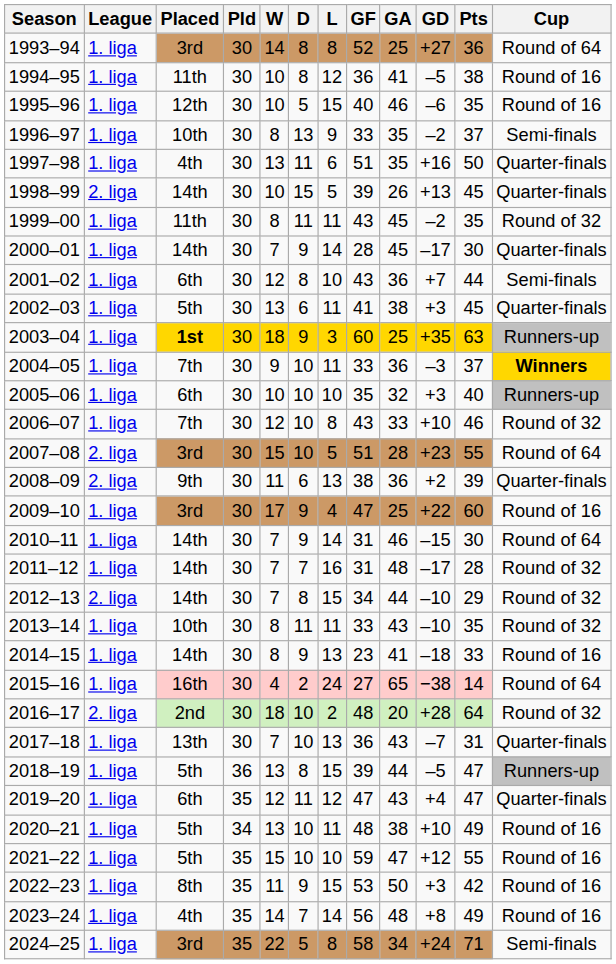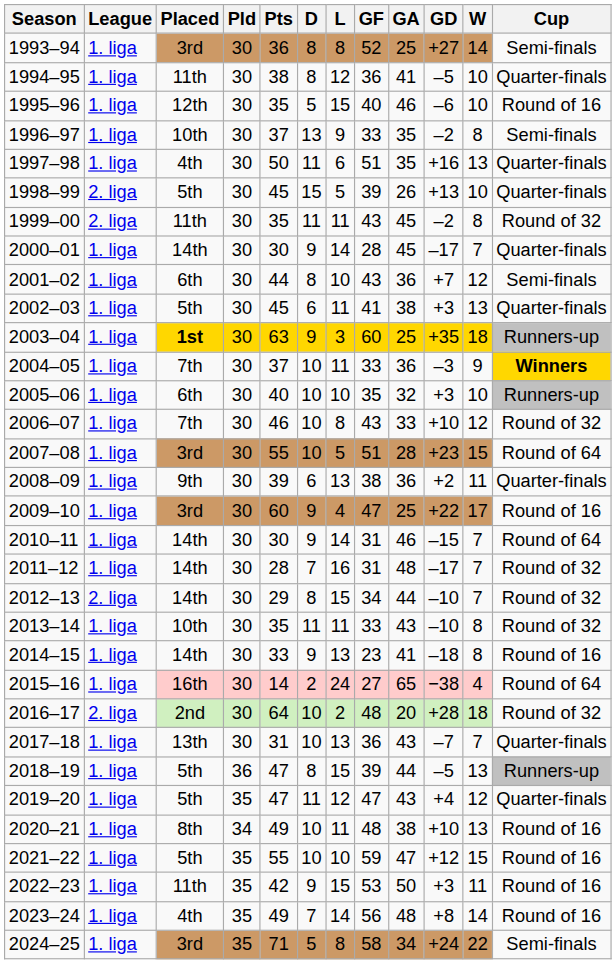 <table class="wikitable sortable">
 <tr>
 <th>Season</th>
 <th>League</th>
 <th>Placed</th>
 <th>Pld</th>
-<th>W</th>
+<th>Pts</th>
 <th>D</th>
 <th>L</th>
 <th>GF</th>
 <th>GA</th>
 <th>GD</th>
-<th>Pts</th>
+<th>W</th>
 <th>Cup</th>
 </tr>
 <tr>
 <td>1993–94</td>
 <td><a href='#'>1. liga</a></td>
 <td style="background:#c96; text-align:center">3rd</td>
 <td style="background:#c96; text-align:center">30</td>
-<td style="background:#c96; text-align:center">14</td>
+<td style="background:#c96; text-align:center">36</td>
 <td style="background:#c96; text-align:center">8</td>
 <td style="background:#c96; text-align:center">8</td>
 <td style="background:#c96; text-align:center">52</td>
 <td style="background:#c96; text-align:center">25</td>
 <td style="background:#c96; text-align:center">+27</td>
-<td style="background:#c96; text-align:center">36</td>
-<td style="text-align:center">Round of 64</td>
+<td style="background:#c96; text-align:center">14</td>
+<td style="text-align:center">Semi-finals</td>
 </tr>
 <tr>
 <td>1994–95</td>
 <td><a href='#'>1. liga</a></td>
 <td style="text-align:center">11th</td>
 <td style="text-align:center">30</td>
-<td style="text-align:center">10</td>
+<td style="text-align:center">38</td>
 <td style="text-align:center">8</td>
 <td style="text-align:center">12</td>
 <td style="text-align:center">36</td>
 <td style="text-align:center">41</td>
 <td style="text-align:center">–5</td>
-<td style="text-align:center">38</td>
-<td style="text-align:center;">Round of 16</td>
+<td style="text-align:center">10</td>
+<td style="text-align:center">Quarter-finals</td>
 </tr>
 <tr>
 <td>1995–96</td>
 <td><a href='#'>1. liga</a></td>
 <td style="text-align:center">12th</td>
 <td style="text-align:center">30</td>
-<td style="text-align:center">10</td>
+<td style="text-align:center">35</td>
 <td style="text-align:center">5</td>
 <td style="text-align:center">15</td>
 <td style="text-align:center">40</td>
 <td style="text-align:center">46</td>
 <td style="text-align:center">–6</td>
-<td style="text-align:center">35</td>
+<td style="text-align:center">10</td>
 <td style="text-align:center">Round of 16</td>
 </tr>
 <tr>
 <td>1996–97</td>
 <td><a href='#'>1. liga</a></td>
 <td style="text-align:center">10th</td>
 <td style="text-align:center">30</td>
-<td style="text-align:center">8</td>
+<td style="text-align:center">37</td>
 <td style="text-align:center">13</td>
 <td style="text-align:center">9</td>
 <td style="text-align:center">33</td>
 <td style="text-align:center">35</td>
 <td style="text-align:center">–2</td>
-<td style="text-align:center">37</td>
+<td style="text-align:center">8</td>
 <td style="text-align:center">Semi-finals</td>
 </tr>
 <tr>
 <td>1997–98</td>
 <td><a href='#'>1. liga</a></td>
 <td style="text-align:center">4th</td>
 <td style="text-align:center">30</td>
-<td style="text-align:center">13</td>
+<td style="text-align:center">50</td>
 <td style="text-align:center">11</td>
 <td style="text-align:center">6</td>
 <td style="text-align:center">51</td>
 <td style="text-align:center">35</td>
 <td style="text-align:center">+16</td>
-<td style="text-align:center">50</td>
+<td style="text-align:center">13</td>
 <td style="text-align:center">Quarter-finals</td>
 </tr>
 <tr>
 <td>1998–99</td>
 <td><a href='#'>2. liga</a></td>
-<td style="text-align:center">14th</td>
+<td style="text-align:center">5th</td>
 <td style="text-align:center">30</td>
-<td style="text-align:center">10</td>
+<td style="text-align:center">45</td>
 <td style="text-align:center">15</td>
 <td style="text-align:center">5</td>
 <td style="text-align:center">39</td>
 <td style="text-align:center">26</td>
 <td style="text-align:center">+13</td>
-<td style="text-align:center">45</td>
+<td style="text-align:center">10</td>
 <td style="text-align:center">Quarter-finals</td>
 </tr>
 <tr>
 <td>1999–00</td>
-<td><a href='#'>1. liga</a></td>
+<td><a href='#'>2. liga</a></td>
 <td style="text-align:center">11th</td>
 <td style="text-align:center">30</td>
-<td style="text-align:center">8</td>
+<td style="text-align:center">35</td>
 <td style="text-align:center">11</td>
 <td style="text-align:center">11</td>
 <td style="text-align:center">43</td>
 <td style="text-align:center">45</td>
 <td style="text-align:center">–2</td>
-<td style="text-align:center">35</td>
+<td style="text-align:center">8</td>
 <td style="text-align:center">Round of 32</td>
 </tr>
 <tr>
 <td>2000–01</td>
 <td><a href='#'>1. liga</a></td>
 <td style="text-align:center">14th</td>
 <td style="text-align:center">30</td>
-<td style="text-align:center">7</td>
+<td style="text-align:center">30</td>
 <td style="text-align:center">9</td>
 <td style="text-align:center">14</td>
 <td style="text-align:center">28</td>
 <td style="text-align:center">45</td>
 <td style="text-align:center">–17</td>
-<td style="text-align:center">30</td>
+<td style="text-align:center">7</td>
 <td style="text-align:center">Quarter-finals</td>
 </tr>
 <tr>
 <td>2001–02</td>
 <td><a href='#'>1. liga</a></td>
 <td style="text-align:center">6th</td>
 <td style="text-align:center">30</td>
-<td style="text-align:center">12</td>
+<td style="text-align:center">44</td>
 <td style="text-align:center">8</td>
 <td style="text-align:center">10</td>
 <td style="text-align:center">43</td>
 <td style="text-align:center">36</td>
 <td style="text-align:center">+7</td>
-<td style="text-align:center">44</td>
+<td style="text-align:center">12</td>
 <td style="text-align:center">Semi-finals</td>
 </tr>
 <tr>
 <td>2002–03</td>
 <td><a href='#'>1. liga</a></td>
 <td style="text-align:center">5th</td>
 <td style="text-align:center">30</td>
-<td style="text-align:center">13</td>
+<td style="text-align:center">45</td>
 <td style="text-align:center">6</td>
 <td style="text-align:center">11</td>
 <td style="text-align:center">41</td>
 <td style="text-align:center">38</td>
 <td style="text-align:center">+3</td>
-<td style="text-align:center">45</td>
+<td style="text-align:center">13</td>
 <td style="text-align:center">Quarter-finals</td>
 </tr>
 <tr>
 <td>2003–04</td>
 <td><a href='#'>1. liga</a></td>
 <td style="background:gold; text-align:center"><strong>1st</strong></td>
 <td style="background:gold; text-align:center">30</td>
-<td style="background:gold; text-align:center">18</td>
+<td style="background:gold; text-align:center">63</td>
 <td style="background:gold; text-align:center">9</td>
 <td style="background:gold; text-align:center">3</td>
 <td style="background:gold; text-align:center">60</td>
 <td style="background:gold; text-align:center">25</td>
 <td style="background:gold; text-align:center">+35</td>
-<td style="background:gold; text-align:center">63</td>
+<td style="background:gold; text-align:center">18</td>
 <td style="text-align:center; background:silver">Runners-up</td>
 </tr>
 <tr>
 <td>2004–05</td>
 <td><a href='#'>1. liga</a></td>
 <td style="text-align:center">7th</td>
 <td style="text-align:center">30</td>
-<td style="text-align:center">9</td>
+<td style="text-align:center">37</td>
 <td style="text-align:center">10</td>
 <td style="text-align:center">11</td>
 <td style="text-align:center">33</td>
 <td style="text-align:center">36</td>
 <td style="text-align:center">–3</td>
-<td style="text-align:center">37</td>
+<td style="text-align:center">9</td>
 <td style="text-align:center; background:gold;"><strong>Winners</strong></td>
 </tr>
 <tr>
 <td>2005–06</td>
 <td><a href='#'>1. liga</a></td>
 <td style="text-align:center">6th</td>
 <td style="text-align:center">30</td>
-<td style="text-align:center">10</td>
+<td style="text-align:center">40</td>
 <td style="text-align:center">10</td>
 <td style="text-align:center">10</td>
 <td style="text-align:center">35</td>
 <td style="text-align:center">32</td>
 <td style="text-align:center">+3</td>
-<td style="text-align:center">40</td>
+<td style="text-align:center">10</td>
 <td style="text-align:center; background:silver">Runners-up</td>
 </tr>
 <tr>
 <td>2006–07</td>
 <td><a href='#'>1. liga</a></td>
 <td style="text-align:center">7th</td>
 <td style="text-align:center">30</td>
-<td style="text-align:center">12</td>
+<td style="text-align:center">46</td>
 <td style="text-align:center">10</td>
 <td style="text-align:center">8</td>
 <td style="text-align:center">43</td>
 <td style="text-align:center">33</td>
 <td style="text-align:center">+10</td>
-<td style="text-align:center">46</td>
+<td style="text-align:center">12</td>
 <td style="text-align:center">Round of 32</td>
 </tr>
 <tr>
 <td>2007–08</td>
-<td><a href='#'>2. liga</a></td>
+<td><a href='#'>1. liga</a></td>
 <td style="background:#c96; text-align:center">3rd</td>
 <td style="background:#c96; text-align:center">30</td>
-<td style="background:#c96; text-align:center">15</td>
+<td style="background:#c96; text-align:center">55</td>
 <td style="background:#c96; text-align:center">10</td>
 <td style="background:#c96; text-align:center">5</td>
 <td style="background:#c96; text-align:center">51</td>
 <td style="background:#c96; text-align:center">28</td>
 <td style="background:#c96; text-align:center">+23</td>
-<td style="background:#c96; text-align:center">55</td>
+<td style="background:#c96; text-align:center">15</td>
 <td style="text-align:center">Round of 64</td>
 </tr>
 <tr>
 <td>2008–09</td>
-<td><a href='#'>2. liga</a></td>
+<td><a href='#'>1. liga</a></td>
 <td style="text-align:center">9th</td>
 <td style="text-align:center">30</td>
-<td style="text-align:center">11</td>
+<td style="text-align:center">39</td>
 <td style="text-align:center">6</td>
 <td style="text-align:center">13</td>
 <td style="text-align:center">38</td>
 <td style="text-align:center">36</td>
 <td style="text-align:center">+2</td>
-<td style="text-align:center">39</td>
+<td style="text-align:center">11</td>
 <td style="text-align:center">Quarter-finals</td>
 </tr>
 <tr>
 <td>2009–10</td>
 <td><a href='#'>1. liga</a></td>
 <td style="background:#c96; text-align:center">3rd</td>
 <td style="background:#c96; text-align:center">30</td>
-<td style="background:#c96; text-align:center">17</td>
+<td style="background:#c96; text-align:center">60</td>
 <td style="background:#c96; text-align:center">9</td>
 <td style="background:#c96; text-align:center">4</td>
 <td style="background:#c96; text-align:center">47</td>
 <td style="background:#c96; text-align:center">25</td>
 <td style="background:#c96; text-align:center">+22</td>
-<td style="background:#c96; text-align:center">60</td>
+<td style="background:#c96; text-align:center">17</td>
 <td style="text-align:center">Round of 16</td>
 </tr>
 <tr>
 <td>2010–11</td>
 <td><a href='#'>1. liga</a></td>
 <td style="text-align:center">14th</td>
 <td style="text-align:center">30</td>
-<td style="text-align:center">7</td>
+<td style="text-align:center">30</td>
 <td style="text-align:center">9</td>
 <td style="text-align:center">14</td>
 <td style="text-align:center">31</td>
 <td style="text-align:center">46</td>
 <td style="text-align:center">–15</td>
-<td style="text-align:center">30</td>
+<td style="text-align:center">7</td>
 <td style="text-align:center">Round of 64</td>
 </tr>
 <tr>
 <td>2011–12</td>
 <td><a href='#'>1. liga</a></td>
 <td style="text-align:center">14th</td>
 <td style="text-align:center">30</td>
-<td style="text-align:center">7</td>
+<td style="text-align:center">28</td>
 <td style="text-align:center">7</td>
 <td style="text-align:center">16</td>
 <td style="text-align:center">31</td>
 <td style="text-align:center">48</td>
 <td style="text-align:center">–17</td>
-<td style="text-align:center">28</td>
+<td style="text-align:center">7</td>
 <td style="text-align:center">Round of 32</td>
 </tr>
 <tr>
 <td>2012–13</td>
 <td><a href='#'>2. liga</a></td>
 <td style="text-align:center">14th</td>
 <td style="text-align:center">30</td>
-<td style="text-align:center">7</td>
+<td style="text-align:center">29</td>
 <td style="text-align:center">8</td>
 <td style="text-align:center">15</td>
 <td style="text-align:center">34</td>
 <td style="text-align:center">44</td>
 <td style="text-align:center">–10</td>
-<td style="text-align:center">29</td>
+<td style="text-align:center">7</td>
 <td style="text-align:center">Round of 32</td>
 </tr>
 <tr>
 <td>2013–14</td>
 <td><a href='#'>1. liga</a></td>
 <td style="text-align:center">10th</td>
 <td style="text-align:center">30</td>
-<td style="text-align:center">8</td>
+<td style="text-align:center">35</td>
 <td style="text-align:center">11</td>
 <td style="text-align:center">11</td>
 <td style="text-align:center">33</td>
 <td style="text-align:center">43</td>
 <td style="text-align:center">–10</td>
-<td style="text-align:center">35</td>
+<td style="text-align:center">8</td>
 <td style="text-align:center">Round of 32</td>
 </tr>
 <tr>
 <td>2014–15</td>
 <td><a href='#'>1. liga</a></td>
 <td style="text-align:center">14th</td>
 <td style="text-align:center">30</td>
-<td style="text-align:center">8</td>
+<td style="text-align:center">33</td>
 <td style="text-align:center">9</td>
 <td style="text-align:center">13</td>
 <td style="text-align:center">23</td>
 <td style="text-align:center">41</td>
 <td style="text-align:center">–18</td>
-<td style="text-align:center">33</td>
+<td style="text-align:center">8</td>
 <td style="text-align:center">Round of 16</td>
 </tr>
 <tr>
 <td>2015–16</td>
 <td><a href='#'>1. liga</a></td>
 <td style="background:#fcc; text-align:center">16th</td>
 <td style="background:#fcc; text-align:center">30</td>
-<td style="background:#fcc; text-align:center">4</td>
+<td style="background:#fcc; text-align:center">14</td>
 <td style="background:#fcc; text-align:center">2</td>
 <td style="background:#fcc; text-align:center">24</td>
 <td style="background:#fcc; text-align:center">27</td>
 <td style="background:#fcc; text-align:center">65</td>
 <td style="background:#fcc; text-align:center">−38</td>
-<td style="background:#fcc; text-align:center">14</td>
+<td style="background:#fcc; text-align:center">4</td>
 <td style="text-align:center">Round of 64</td>
 </tr>
 <tr>
 <td>2016–17</td>
 <td><a href='#'>2. liga</a></td>
 <td style="background: #D0F0C0; text-align:center">2nd</td>
 <td style="background: #D0F0C0; text-align:center">30</td>
-<td style="background: #D0F0C0; text-align:center">18</td>
+<td style="background: #D0F0C0; text-align:center">64</td>
 <td style="background: #D0F0C0; text-align:center">10</td>
 <td style="background: #D0F0C0; text-align:center">2</td>
 <td style="background: #D0F0C0; text-align:center">48</td>
 <td style="background: #D0F0C0; text-align:center">20</td>
 <td style="background: #D0F0C0; text-align:center">+28</td>
-<td style="background: #D0F0C0; text-align:center">64</td>
+<td style="background: #D0F0C0; text-align:center">18</td>
 <td style="text-align:center">Round of 32</td>
 </tr>
 <tr>
 <td>2017–18</td>
 <td><a href='#'>1. liga</a></td>
 <td style="text-align:center">13th</td>
 <td style="text-align:center">30</td>
-<td style="text-align:center">7</td>
+<td style="text-align:center">31</td>
 <td style="text-align:center">10</td>
 <td style="text-align:center">13</td>
 <td style="text-align:center">36</td>
 <td style="text-align:center">43</td>
 <td style="text-align:center">–7</td>
-<td style="text-align:center">31</td>
+<td style="text-align:center">7</td>
 <td style="text-align:center">Quarter-finals</td>
 </tr>
 <tr>
 <td>2018–19</td>
 <td><a href='#'>1. liga</a></td>
 <td style="text-align:center">5th</td>
 <td style="text-align:center">36</td>
-<td style="text-align:center">13</td>
+<td style="text-align:center">47</td>
 <td style="text-align:center">8</td>
 <td style="text-align:center">15</td>
 <td style="text-align:center">39</td>
 <td style="text-align:center">44</td>
 <td style="text-align:center">–5</td>
-<td style="text-align:center">47</td>
+<td style="text-align:center">13</td>
 <td style="text-align:center; background:silver">Runners-up</td>
 </tr>
 <tr>
 <td>2019–20</td>
 <td><a href='#'>1. liga</a></td>
-<td style="text-align:center">6th</td>
+<td style="text-align:center">5th</td>
 <td style="text-align:center">35</td>
-<td style="text-align:center">12</td>
+<td style="text-align:center">47</td>
 <td style="text-align:center">11</td>
 <td style="text-align:center">12</td>
 <td style="text-align:center">47</td>
 <td style="text-align:center">43</td>
 <td style="text-align:center">+4</td>
-<td style="text-align:center">47</td>
+<td style="text-align:center">12</td>
 <td style="text-align:center;">Quarter-finals</td>
 </tr>
 <tr>
 <td>2020–21</td>
 <td><a href='#'>1. liga</a></td>
-<td style="text-align:center">5th</td>
+<td style="text-align:center">8th</td>
 <td style="text-align:center">34</td>
-<td style="text-align:center">13</td>
+<td style="text-align:center">49</td>
 <td style="text-align:center">10</td>
 <td style="text-align:center">11</td>
 <td style="text-align:center">48</td>
 <td style="text-align:center">38</td>
 <td style="text-align:center">+10</td>
-<td style="text-align:center">49</td>
+<td style="text-align:center">13</td>
 <td style="text-align:center;">Round of 16</td>
 </tr>
 <tr>
 <td>2021–22</td>
 <td><a href='#'>1. liga</a></td>
 <td style="text-align:center">5th</td>
 <td style="text-align:center">35</td>
-<td style="text-align:center">15</td>
+<td style="text-align:center">55</td>
 <td style="text-align:center">10</td>
 <td style="text-align:center">10</td>
 <td style="text-align:center">59</td>
 <td style="text-align:center">47</td>
 <td style="text-align:center">+12</td>
-<td style="text-align:center">55</td>
+<td style="text-align:center">15</td>
 <td style="text-align:center;">Round of 16</td>
 </tr>
 <tr>
 <td>2022–23</td>
 <td><a href='#'>1. liga</a></td>
-<td style="text-align:center">8th</td>
+<td style="text-align:center">11th</td>
 <td style="text-align:center">35</td>
-<td style="text-align:center">11</td>
+<td style="text-align:center">42</td>
 <td style="text-align:center">9</td>
 <td style="text-align:center">15</td>
 <td style="text-align:center">53</td>
 <td style="text-align:center">50</td>
 <td style="text-align:center">+3</td>
-<td style="text-align:center">42</td>
+<td style="text-align:center">11</td>
 <td style="text-align:center;">Round of 16</td>
 </tr>
 <tr>
 <td>2023–24</td>
 <td><a href='#'>1. liga</a></td>
 <td style="text-align:center">4th</td>
 <td style="text-align:center">35</td>
-<td style="text-align:center">14</td>
+<td style="text-align:center">49</td>
 <td style="text-align:center">7</td>
 <td style="text-align:center">14</td>
 <td style="text-align:center">56</td>
 <td style="text-align:center">48</td>
 <td style="text-align:center">+8</td>
-<td style="text-align:center">49</td>
+<td style="text-align:center">14</td>
 <td style="text-align:center;">Round of 16</td>
 </tr>
 <tr>
 <td>2024–25</td>
 <td><a href='#'>1. liga</a></td>
 <td style="background:#c96; text-align:center">3rd</td>
 <td style="background:#c96; text-align:center">35</td>
-<td style="background:#c96; text-align:center">22</td>
+<td style="background:#c96; text-align:center">71</td>
 <td style="background:#c96; text-align:center">5</td>
 <td style="background:#c96; text-align:center">8</td>
 <td style="background:#c96; text-align:center">58</td>
 <td style="background:#c96; text-align:center">34</td>
 <td style="background:#c96; text-align:center">+24</td>
-<td style="background:#c96; text-align:center">71</td>
+<td style="background:#c96; text-align:center">22</td>
 <td style="text-align:center">Semi-finals</td>
 </tr>
 </table>
